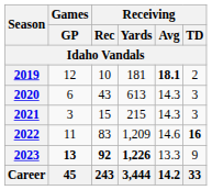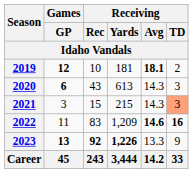 <table class="wikitable" style="text-align:center;">
 <tr>
 <th rowspan="2">Season</th>
 <th>Games</th>
 <th colspan="4">Receiving</th>
 </tr>
 <tr>
 <th>GP</th>
 <th>Rec</th>
 <th>Yards</th>
 <th>Avg</th>
 <th>TD</th>
 </tr>
 <tr>
 <th colspan="11">Idaho Vandals</th>
 </tr>
 <tr>
 <th><a href='#'>2019</a></th>
-<td>12</td>
+<td><strong>12</strong></td>
 <td>10</td>
 <td>181</td>
 <td><strong>18.1</strong></td>
 <td>2</td>
 </tr>
 <tr>
 <th><a href='#'>2020</a></th>
-<td>6</td>
+<td><strong>6</strong></td>
 <td>43</td>
 <td>613</td>
 <td>14.3</td>
 <td>3</td>
 </tr>
 <tr>
 <th><a href='#'>2021</a></th>
 <td>3</td>
 <td>15</td>
 <td>215</td>
 <td>14.3</td>
-<td>3</td>
+<td style="background: lightsalmon;">3</td>
 </tr>
 <tr>
 <th><a href='#'>2022</a></th>
 <td>11</td>
 <td>83</td>
 <td>1,209</td>
-<td>14.6</td>
+<td><strong>14.6</strong></td>
 <td><strong>16</strong></td>
 </tr>
 <tr>
 <th><a href='#'>2023</a></th>
 <td><strong>13</strong></td>
 <td><strong>92</strong></td>
 <td><strong>1,226</strong></td>
 <td>13.3</td>
 <td>9</td>
 </tr>
 <tr>
 <th>Career</th>
 <th>45</th>
 <th>243</th>
 <th>3,444</th>
 <th>14.2</th>
 <th>33</th>
 </tr>
 </table>
